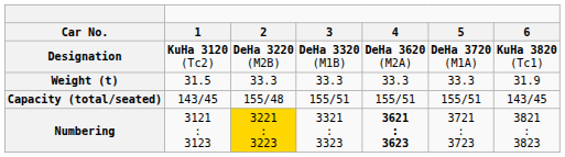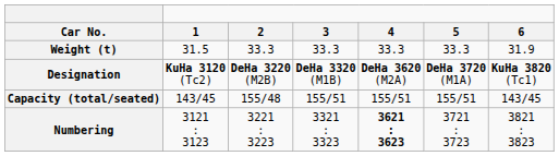 <table class="wikitable" style="text-align:center">
 <tr style="border-bottom: 4px solid #">
 <th> </th>
 <td colspan="6"> </td>
 </tr>
 <tr>
 <th>Car No.</th>
 <th>1</th>
 <th>2</th>
 <th>3</th>
 <th>4</th>
 <th>5</th>
 <th>6</th>
 </tr>
 <tr>
+<th>Weight (t)</th>
+<td>31.5</td>
+<td>33.3</td>
+<td>33.3</td>
+<td>33.3</td>
+<td>33.3</td>
+<td>31.9</td>
+</tr>
+<tr>
 <th>Designation</th>
 <td><strong>KuHa 3120</strong><br>(Tc2)</td>
 <td><strong>DeHa 3220</strong><br>(M2B)</td>
 <td><strong>DeHa 3320</strong><br>(M1B)</td>
 <td><strong>DeHa 3620</strong><br>(M2A)</td>
 <td><strong>DeHa 3720</strong><br>(M1A)</td>
 <td><strong>KuHa 3820</strong><br>(Tc1)</td>
-</tr>
-<tr>
-<th>Weight (t)</th>
-<td>31.5</td>
-<td>33.3</td>
-<td>33.3</td>
-<td>33.3</td>
-<td>33.3</td>
-<td>31.9</td>
 </tr>
 <tr>
 <th>Capacity (total/seated)</th>
 <td>143/45</td>
 <td>155/48</td>
 <td>155/51</td>
 <td>155/51</td>
 <td>155/51</td>
 <td>143/45</td>
 </tr>
 <tr>
 <th>Numbering</th>
 <td>3121<br>:<br>3123</td>
-<td style="background: gold;">3221<br>:<br>3223</td>
+<td>3221<br>:<br>3223</td>
 <td>3321<br>:<br>3323</td>
 <td><strong>3621<br>:<br>3623</strong></td>
 <td>3721<br>:<br>3723</td>
 <td>3821<br>:<br>3823</td>
 </tr>
 </table>
